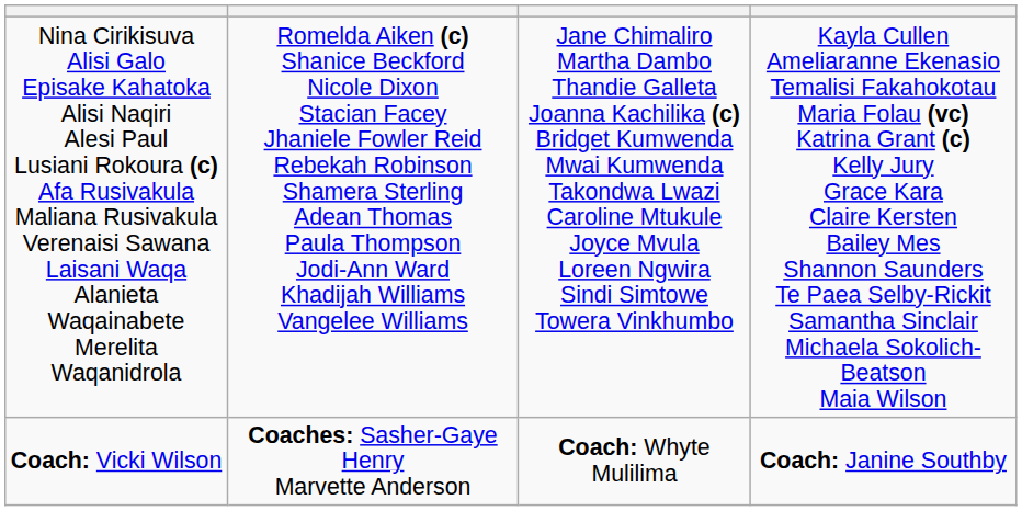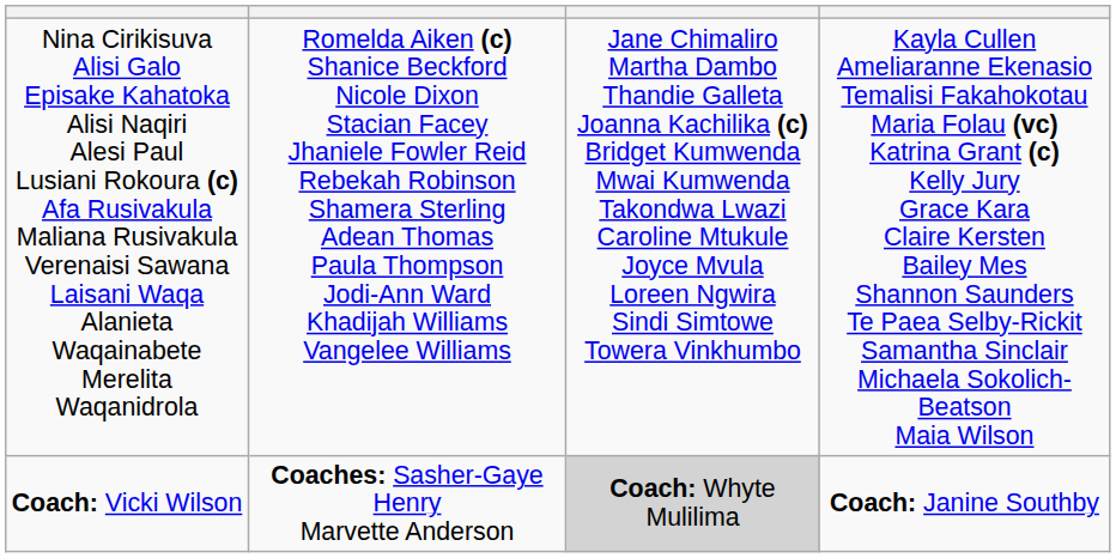 <table class=wikitable width=100% style="text-align:center; font-size:90%">
 <tr>
 <th></th>
 <th></th>
 <th></th>
 <th></th>
 </tr>
 <tr valign=top>
 <td>Nina Cirikisuva<br><a href='#'>Alisi Galo</a><br><a href='#'>Episake Kahatoka</a><br>Alisi Naqiri<br>Alesi Paul <br>Lusiani Rokoura <strong>(c)</strong><br><a href='#'>Afa Rusivakula</a><br>Maliana Rusivakula<br>Verenaisi Sawana<br><a href='#'>Laisani Waqa</a><br>Alanieta Waqainabete<br>Merelita Waqanidrola</td>
 <td><a href='#'>Romelda Aiken</a> <strong>(c)</strong><br><a href='#'>Shanice Beckford</a><br><a href='#'>Nicole Dixon</a><br><a href='#'>Stacian Facey</a><br> <a href='#'>Jhaniele Fowler Reid</a><br> <a href='#'>Rebekah Robinson</a><br><a href='#'>Shamera Sterling</a><br><a href='#'>Adean Thomas</a><br><a href='#'>Paula Thompson</a><br><a href='#'>Jodi-Ann Ward</a><br><a href='#'>Khadijah Williams</a><br><a href='#'>Vangelee Williams</a></td>
 <td><a href='#'>Jane Chimaliro</a><br> <a href='#'>Martha Dambo</a><br><a href='#'>Thandie Galleta</a><br><a href='#'>Joanna Kachilika</a> <strong>(c)</strong><br><a href='#'>Bridget Kumwenda</a><br><a href='#'>Mwai Kumwenda</a><br><a href='#'>Takondwa Lwazi</a><br><a href='#'>Caroline Mtukule</a><br><a href='#'>Joyce Mvula</a><br><a href='#'>Loreen Ngwira</a><br><a href='#'>Sindi Simtowe</a><br><a href='#'>Towera Vinkhumbo</a></td>
 <td><a href='#'>Kayla Cullen</a><br><a href='#'>Ameliaranne Ekenasio</a><br><a href='#'>Temalisi Fakahokotau</a><br><a href='#'>Maria Folau</a> <strong>(vc)</strong><br><a href='#'>Katrina Grant</a> <strong>(c)</strong><br><a href='#'>Kelly Jury</a><br><a href='#'>Grace Kara</a><br><a href='#'>Claire Kersten</a><br><a href='#'>Bailey Mes</a><br><a href='#'>Shannon Saunders</a><br><a href='#'>Te Paea Selby-Rickit</a><br><a href='#'>Samantha Sinclair</a><br><a href='#'>Michaela Sokolich-Beatson</a><br><a href='#'>Maia Wilson</a></td>
 </tr>
 <tr>
 <td> <strong>Coach:</strong> <a href='#'>Vicki Wilson</a></td>
 <td> <strong>Coaches:</strong> <a href='#'>Sasher-Gaye Henry</a><br>Marvette Anderson</td>
-<td> <strong>Coach:</strong> Whyte Mulilima</td>
+<td style="background: lightgrey;"> <strong>Coach:</strong> Whyte Mulilima</td>
 <td> <strong>Coach:</strong> <a href='#'>Janine Southby</a></td>
 </tr>
 </table>
